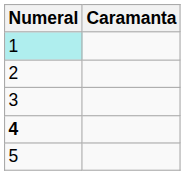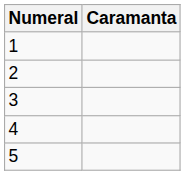 <table class="wikitable">
 <tr>
 <th>Numeral</th>
 <th>Caramanta</th>
 </tr>
 <tr>
-<td style="background: paleturquoise;">1</td>
+<td>1</td>
 <td></td>
 </tr>
 <tr>
 <td>2</td>
 <td></td>
 </tr>
 <tr>
 <td>3</td>
 <td></td>
 </tr>
 <tr>
-<td><strong>4</strong></td>
+<td>4</td>
 <td></td>
 </tr>
 <tr>
 <td>5</td>
 <td></td>
 </tr>
 </table>
